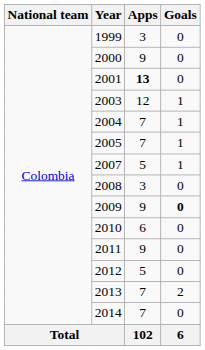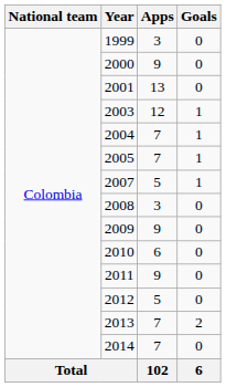 <table class="wikitable" style="text-align:center">
 <tr>
 <th>National team</th>
 <th>Year</th>
 <th>Apps</th>
 <th>Goals</th>
 </tr>
 <tr>
 <td rowspan="14"><a href='#'>Colombia</a></td>
 <td>1999</td>
 <td>3</td>
 <td>0</td>
 </tr>
 <tr>
 <td>2000</td>
 <td>9</td>
 <td>0</td>
 </tr>
 <tr>
 <td>2001</td>
-<td><strong>13</strong></td>
+<td>13</td>
 <td>0</td>
 </tr>
 <tr>
 <td>2003</td>
 <td>12</td>
 <td>1</td>
 </tr>
 <tr>
 <td>2004</td>
 <td>7</td>
 <td>1</td>
 </tr>
 <tr>
 <td>2005</td>
 <td>7</td>
 <td>1</td>
 </tr>
 <tr>
 <td>2007</td>
 <td>5</td>
 <td>1</td>
 </tr>
 <tr>
 <td>2008</td>
 <td>3</td>
 <td>0</td>
 </tr>
 <tr>
 <td>2009</td>
 <td>9</td>
-<td><strong>0</strong></td>
+<td>0</td>
 </tr>
 <tr>
 <td>2010</td>
 <td>6</td>
 <td>0</td>
 </tr>
 <tr>
 <td>2011</td>
 <td>9</td>
 <td>0</td>
 </tr>
 <tr>
 <td>2012</td>
 <td>5</td>
 <td>0</td>
 </tr>
 <tr>
 <td>2013</td>
 <td>7</td>
 <td>2</td>
 </tr>
 <tr>
 <td>2014</td>
 <td>7</td>
 <td>0</td>
 </tr>
 <tr>
 <th colspan="2">Total</th>
 <th>102</th>
 <th>6</th>
 </tr>
 </table>
